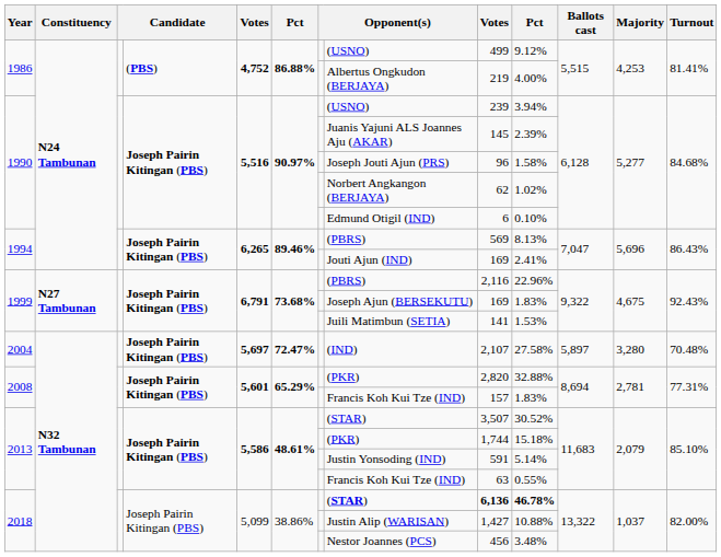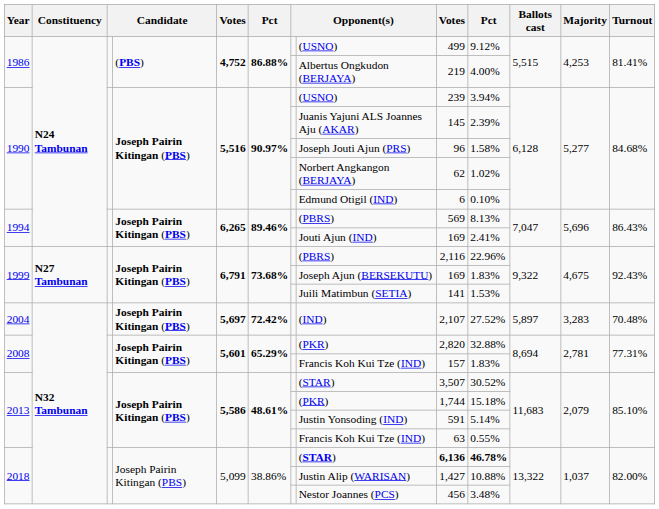 <table class="wikitable" style="margin:0.5em ; font-size:95%">
 <tr>
 <th>Year</th>
 <th>Constituency</th>
 <th colspan=2>Candidate</th>
 <th>Votes</th>
 <th>Pct</th>
 <th colspan=2>Opponent(s)</th>
 <th>Votes</th>
 <th>Pct</th>
 <th>Ballots cast</th>
 <th>Majority</th>
 <th>Turnout</th>
 </tr>
 <tr>
 <td rowspan=2><a href='#'>1986</a></td>
 <td rowspan=9><strong>N24 <a href='#'>Tambunan</a></strong></td>
 <td rowspan=2 ></td>
 <td rowspan=2><strong></strong> (<a href='#'><strong>PBS</strong></a>)</td>
 <td rowspan=2 align="right"><strong>4,752</strong></td>
 <td rowspan=2><strong>86.88%</strong></td>
 <td></td>
 <td> (<a href='#'>USNO</a>)</td>
 <td align="right">499</td>
 <td>9.12%</td>
 <td rowspan=2>5,515</td>
 <td rowspan=2>4,253</td>
 <td rowspan=2>81.41%</td>
 </tr>
 <tr>
 <td></td>
 <td>Albertus Ongkudon (<a href='#'>BERJAYA</a>)</td>
 <td align="right">219</td>
 <td>4.00%</td>
 </tr>
 <tr>
 <td rowspan=5><a href='#'>1990</a></td>
 <td rowspan=5 ></td>
 <td rowspan=5><strong>Joseph Pairin Kitingan</strong> (<a href='#'><strong>PBS</strong></a>)</td>
 <td rowspan=5 align="right"><strong>5,516</strong></td>
 <td rowspan=5><strong>90.97%</strong></td>
 <td></td>
 <td> (<a href='#'>USNO</a>)</td>
 <td align="right">239</td>
 <td>3.94%</td>
 <td rowspan=5>6,128</td>
 <td rowspan=5>5,277</td>
 <td rowspan=5>84.68%</td>
 </tr>
 <tr>
 <td></td>
 <td>Juanis Yajuni ALS Joannes Aju (<a href='#'>AKAR</a>)</td>
 <td align="right">145</td>
 <td>2.39%</td>
 </tr>
 <tr>
 <td></td>
 <td>Joseph Jouti Ajun (<a href='#'>PRS</a>)</td>
 <td align="right">96</td>
 <td>1.58%</td>
 </tr>
 <tr>
 <td></td>
 <td>Norbert Angkangon (<a href='#'>BERJAYA</a>)</td>
 <td align="right">62</td>
 <td>1.02%</td>
 </tr>
 <tr>
 <td></td>
 <td>Edmund Otigil (<a href='#'>IND</a>)</td>
 <td align="right">6</td>
 <td>0.10%</td>
 </tr>
 <tr>
 <td rowspan=2><a href='#'>1994</a></td>
 <td rowspan=2 ></td>
 <td rowspan=2><strong>Joseph Pairin Kitingan</strong> (<a href='#'><strong>PBS</strong></a>)</td>
 <td rowspan=2 align="right"><strong>6,265</strong></td>
 <td rowspan=2><strong>89.46%</strong></td>
 <td></td>
 <td> (<a href='#'>PBRS</a>)</td>
 <td align="right">569</td>
 <td>8.13%</td>
 <td rowspan=2>7,047</td>
 <td rowspan=2>5,696</td>
 <td rowspan=2>86.43%</td>
 </tr>
 <tr>
 <td></td>
 <td>Jouti Ajun (<a href='#'>IND</a>)</td>
 <td align="right">169</td>
 <td>2.41%</td>
 </tr>
 <tr>
 <td rowspan=3><a href='#'>1999</a></td>
 <td rowspan=3><strong>N27 <a href='#'>Tambunan</a></strong></td>
 <td rowspan=3 ></td>
 <td rowspan=3><strong>Joseph Pairin Kitingan</strong> (<a href='#'><strong>PBS</strong></a>)</td>
 <td rowspan=3 align="right"><strong>6,791</strong></td>
 <td rowspan=3><strong>73.68%</strong></td>
 <td></td>
 <td> (<a href='#'>PBRS</a>)</td>
 <td align="right">2,116</td>
 <td>22.96%</td>
 <td rowspan=3>9,322</td>
 <td rowspan=3>4,675</td>
 <td rowspan=3>92.43%</td>
 </tr>
 <tr>
 <td></td>
 <td>Joseph Ajun (<a href='#'>BERSEKUTU</a>)</td>
 <td align="right">169</td>
 <td>1.83%</td>
 </tr>
 <tr>
 <td></td>
 <td>Juili Matimbun (<a href='#'>SETIA</a>)</td>
 <td align="right">141</td>
 <td>1.53%</td>
 </tr>
 <tr>
 <td rowspan=1><a href='#'>2004</a></td>
 <td rowspan=10><strong>N32 <a href='#'>Tambunan</a></strong></td>
 <td rowspan=1 ></td>
 <td rowspan=1><strong>Joseph Pairin Kitingan</strong> (<a href='#'><strong>PBS</strong></a>)</td>
 <td rowspan=1 align="right"><strong>5,697</strong></td>
-<td rowspan=1><strong>72.47%</strong></td>
+<td rowspan=1><strong>72.42%</strong></td>
 <td></td>
 <td> (<a href='#'>IND</a>)</td>
 <td align="right">2,107</td>
-<td>27.58%</td>
+<td>27.52%</td>
 <td rowspan=1>5,897</td>
-<td rowspan=1>3,280</td>
+<td rowspan=1>3,283</td>
 <td rowspan=1>70.48%</td>
 </tr>
 <tr>
 <td rowspan=2><a href='#'>2008</a></td>
 <td rowspan=2 ></td>
 <td rowspan=2><strong>Joseph Pairin Kitingan</strong> (<a href='#'><strong>PBS</strong></a>)</td>
 <td rowspan=2 align="right"><strong>5,601</strong></td>
 <td rowspan=2><strong>65.29%</strong></td>
 <td></td>
 <td> (<a href='#'>PKR</a>)</td>
 <td align="right">2,820</td>
 <td>32.88%</td>
 <td rowspan=2>8,694</td>
 <td rowspan=2>2,781</td>
 <td rowspan=2>77.31%</td>
 </tr>
 <tr>
 <td></td>
 <td>Francis Koh Kui Tze (<a href='#'>IND</a>)</td>
 <td align="right">157</td>
 <td>1.83%</td>
 </tr>
 <tr>
 <td rowspan=4><a href='#'>2013</a></td>
 <td rowspan=4 ></td>
 <td rowspan=4><strong>Joseph Pairin Kitingan</strong> (<a href='#'><strong>PBS</strong></a>)</td>
 <td rowspan=4 align="right"><strong>5,586</strong></td>
 <td rowspan=4><strong>48.61%</strong></td>
 <td></td>
 <td> (<a href='#'>STAR</a>)</td>
 <td align="right">3,507</td>
 <td>30.52%</td>
 <td rowspan=4>11,683</td>
 <td rowspan=4>2,079</td>
 <td rowspan=4>85.10%</td>
 </tr>
 <tr>
 <td></td>
 <td> (<a href='#'>PKR</a>)</td>
 <td align="right">1,744</td>
 <td>15.18%</td>
 </tr>
 <tr>
 <td></td>
 <td>Justin Yonsoding (<a href='#'>IND</a>)</td>
 <td align="right">591</td>
 <td>5.14%</td>
 </tr>
 <tr>
 <td></td>
 <td>Francis Koh Kui Tze (<a href='#'>IND</a>)</td>
 <td align="right">63</td>
 <td>0.55%</td>
 </tr>
 <tr>
 <td rowspan=3><a href='#'>2018</a></td>
 <td rowspan=3 ></td>
 <td rowspan=3>Joseph Pairin Kitingan (<a href='#'>PBS</a>)</td>
 <td rowspan=3 align="right">5,099</td>
 <td rowspan=3>38.86%</td>
 <td></td>
 <td> (<a href='#'><strong>STAR</strong></a>)</td>
 <td align="right"><strong>6,136</strong></td>
 <td><strong>46.78%</strong></td>
 <td rowspan=3>13,322</td>
 <td rowspan=3>1,037</td>
 <td rowspan=3>82.00%</td>
 </tr>
 <tr>
 <td></td>
 <td>Justin Alip (<a href='#'>WARISAN</a>)</td>
 <td align="right">1,427</td>
 <td>10.88%</td>
 </tr>
 <tr>
 <td></td>
 <td>Nestor Joannes (<a href='#'>PCS</a>)</td>
 <td align="right">456</td>
 <td>3.48%</td>
 </tr>
 </table>
